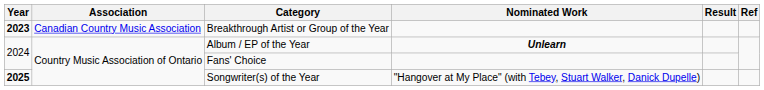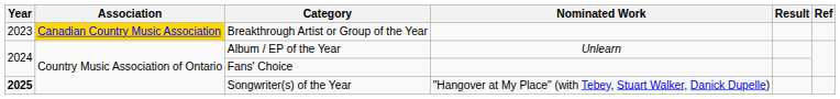 <table class="wikitable">
 <tr>
 <th>Year</th>
 <th>Association</th>
 <th>Category</th>
 <th>Nominated Work</th>
 <th>Result</th>
 <th>Ref</th>
 </tr>
 <tr>
-<td><strong>2023</strong></td>
-<td><a href='#'>Canadian Country Music Association</a></td>
+<td>2023</td>
+<td style="background: gold;"><a href='#'>Canadian Country Music Association</a></td>
 <td>Breakthrough Artist or Group of the Year</td>
 <td></td>
 <td></td>
 <td></td>
 </tr>
 <tr>
 <td rowspan="2">2024</td>
 <td rowspan="3">Country Music Association of Ontario</td>
 <td>Album / EP of the Year</td>
-<td align="center"><strong><em>Unlearn</em></strong></td>
+<td align="center"><em>Unlearn</em></td>
 <td></td>
 <td rowspan="2"></td>
 </tr>
 <tr>
 <td>Fans' Choice</td>
 <td></td>
 <td></td>
 </tr>
 <tr>
 <td><strong>2025</strong></td>
 <td>Songwriter(s) of the Year</td>
 <td>"Hangover at My Place" (with <a href='#'>Tebey</a>, <a href='#'>Stuart Walker</a>, <a href='#'>Danick Dupelle</a>)</td>
 <td></td>
 <td></td>
 </tr>
 </table>
